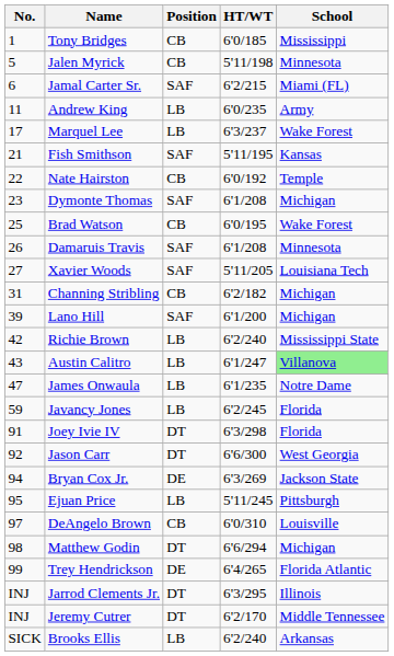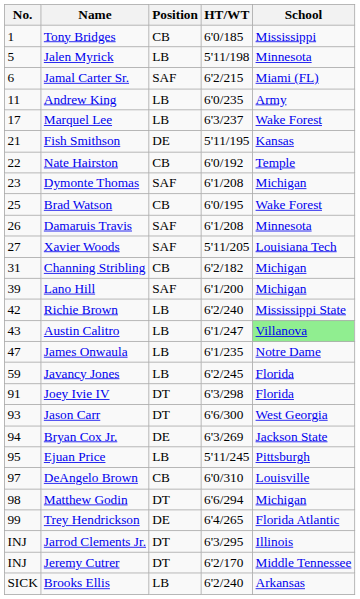 <table class="wikitable">
 <tr>
 <th>No.</th>
 <th>Name</th>
 <th>Position</th>
 <th>HT/WT</th>
 <th>School</th>
 </tr>
 <tr>
 <td>1</td>
 <td><a href='#'>Tony Bridges</a></td>
 <td>CB</td>
 <td>6'0/185</td>
 <td><a href='#'>Mississippi</a></td>
 </tr>
 <tr>
 <td>5</td>
 <td><a href='#'>Jalen Myrick</a></td>
-<td>CB</td>
+<td>LB</td>
 <td>5'11/198</td>
 <td><a href='#'>Minnesota</a></td>
 </tr>
 <tr>
 <td>6</td>
 <td><a href='#'>Jamal Carter Sr.</a></td>
 <td>SAF</td>
 <td>6'2/215</td>
 <td><a href='#'>Miami (FL)</a></td>
 </tr>
 <tr>
 <td>11</td>
 <td><a href='#'>Andrew King</a></td>
 <td>LB</td>
 <td>6'0/235</td>
 <td><a href='#'>Army</a></td>
 </tr>
 <tr>
 <td>17</td>
 <td><a href='#'>Marquel Lee</a></td>
 <td>LB</td>
 <td>6'3/237</td>
 <td><a href='#'>Wake Forest</a></td>
 </tr>
 <tr>
 <td>21</td>
 <td><a href='#'>Fish Smithson</a></td>
-<td>SAF</td>
+<td>DE</td>
 <td>5'11/195</td>
 <td><a href='#'>Kansas</a></td>
 </tr>
 <tr>
 <td>22</td>
 <td><a href='#'>Nate Hairston</a></td>
 <td>CB</td>
 <td>6'0/192</td>
 <td><a href='#'>Temple</a></td>
 </tr>
 <tr>
 <td>23</td>
 <td><a href='#'>Dymonte Thomas</a></td>
 <td>SAF</td>
 <td>6'1/208</td>
 <td><a href='#'>Michigan</a></td>
 </tr>
 <tr>
 <td>25</td>
 <td><a href='#'>Brad Watson</a></td>
 <td>CB</td>
 <td>6'0/195</td>
 <td><a href='#'>Wake Forest</a></td>
 </tr>
 <tr>
 <td>26</td>
 <td><a href='#'>Damaruis Travis</a></td>
 <td>SAF</td>
 <td>6'1/208</td>
 <td><a href='#'>Minnesota</a></td>
 </tr>
 <tr>
 <td>27</td>
 <td><a href='#'>Xavier Woods</a></td>
 <td>SAF</td>
 <td>5'11/205</td>
 <td><a href='#'>Louisiana Tech</a></td>
 </tr>
 <tr>
 <td>31</td>
 <td><a href='#'>Channing Stribling</a></td>
 <td>CB</td>
 <td>6'2/182</td>
 <td><a href='#'>Michigan</a></td>
 </tr>
 <tr>
 <td>39</td>
 <td><a href='#'>Lano Hill</a></td>
 <td>SAF</td>
 <td>6'1/200</td>
 <td><a href='#'>Michigan</a></td>
 </tr>
 <tr>
 <td>42</td>
 <td><a href='#'>Richie Brown</a></td>
 <td>LB</td>
 <td>6'2/240</td>
 <td><a href='#'>Mississippi State</a></td>
 </tr>
 <tr>
 <td>43</td>
 <td><a href='#'>Austin Calitro</a></td>
 <td>LB</td>
 <td>6'1/247</td>
 <td style="background: lightgreen;"><a href='#'>Villanova</a></td>
 </tr>
 <tr>
 <td>47</td>
 <td><a href='#'>James Onwaula</a></td>
 <td>LB</td>
 <td>6'1/235</td>
 <td><a href='#'>Notre Dame</a></td>
 </tr>
 <tr>
 <td>59</td>
 <td><a href='#'>Javancy Jones</a></td>
 <td>LB</td>
 <td>6'2/245</td>
 <td><a href='#'>Florida</a></td>
 </tr>
 <tr>
 <td>91</td>
 <td><a href='#'>Joey Ivie IV</a></td>
 <td>DT</td>
 <td>6'3/298</td>
 <td><a href='#'>Florida</a></td>
 </tr>
 <tr>
-<td>92</td>
+<td>93</td>
 <td><a href='#'>Jason Carr</a></td>
 <td>DT</td>
 <td>6'6/300</td>
 <td><a href='#'>West Georgia</a></td>
 </tr>
 <tr>
 <td>94</td>
 <td><a href='#'>Bryan Cox Jr.</a></td>
 <td>DE</td>
 <td>6'3/269</td>
 <td><a href='#'>Jackson State</a></td>
 </tr>
 <tr>
 <td>95</td>
 <td><a href='#'>Ejuan Price</a></td>
 <td>LB</td>
 <td>5'11/245</td>
 <td><a href='#'>Pittsburgh</a></td>
 </tr>
 <tr>
 <td>97</td>
 <td><a href='#'>DeAngelo Brown</a></td>
 <td>CB</td>
 <td>6'0/310</td>
 <td><a href='#'>Louisville</a></td>
 </tr>
 <tr>
 <td>98</td>
 <td><a href='#'>Matthew Godin</a></td>
 <td>DT</td>
 <td>6'6/294</td>
 <td><a href='#'>Michigan</a></td>
 </tr>
 <tr>
 <td>99</td>
 <td><a href='#'>Trey Hendrickson</a></td>
 <td>DE</td>
 <td>6'4/265</td>
 <td><a href='#'>Florida Atlantic</a></td>
 </tr>
 <tr>
 <td>INJ</td>
 <td><a href='#'>Jarrod Clements Jr.</a></td>
 <td>DT</td>
 <td>6'3/295</td>
 <td><a href='#'>Illinois</a></td>
 </tr>
 <tr>
 <td>INJ</td>
 <td><a href='#'>Jeremy Cutrer</a></td>
 <td>DT</td>
 <td>6'2/170</td>
 <td><a href='#'>Middle Tennessee</a></td>
 </tr>
 <tr>
 <td>SICK</td>
 <td><a href='#'>Brooks Ellis</a></td>
 <td>LB</td>
 <td>6'2/240</td>
 <td><a href='#'>Arkansas</a></td>
 </tr>
 </table>
